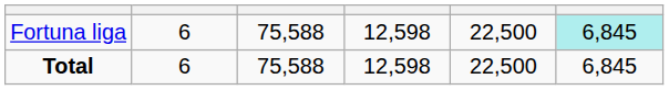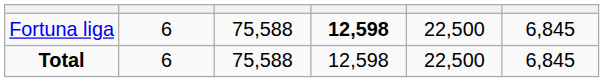 <table class="wikitable sortable" style="text-align: center;">
 <tr>
 <th></th>
 <th style="width:70px;"></th>
 <th style="width:70px;"></th>
 <th style="width:70px;"></th>
 <th style="width:70px;"></th>
 <th style="width:70px;"></th>
 </tr>
 <tr>
 <td><a href='#'>Fortuna liga</a></td>
 <td>6</td>
 <td>75,588</td>
-<td>12,598</td>
+<td><strong>12,598</strong></td>
 <td>22,500</td>
-<td style="background: paleturquoise;">6,845</td>
+<td>6,845</td>
 </tr>
 <tr>
 <td><strong>Total</strong></td>
 <td>6</td>
 <td>75,588</td>
 <td>12,598</td>
 <td>22,500</td>
 <td>6,845</td>
 </tr>
 </table>
